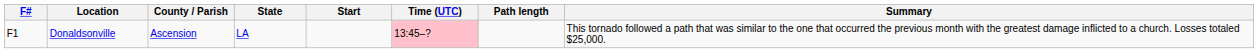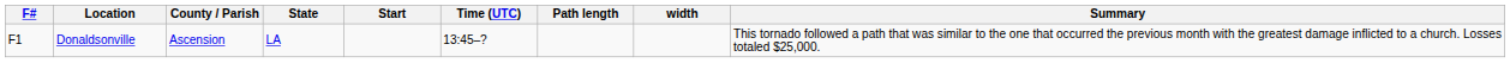 <table class="wikitable sortable" style="width:100%;">
 <tr>
 <th scope="col"  style="width:3%; text-align:center;"><a href='#'>F#</a></th>
 <th scope="col"  style="width:7%; text-align:center;" class="unsortable">Location</th>
 <th scope="col"  style="width:6%; text-align:center;" class="unsortable">County / Parish</th>
 <th scope="col"  style="width:5%; text-align:center;">State</th>
 <th scope="col"  style="width:6%; text-align:center;">Start<br></th>
 <th scope="col"  style="width:6%; text-align:center;">Time (<a href='#'>UTC</a>)</th>
 <th scope="col"  style="width:6%; text-align:center;">Path length</th>
+<th scope="col"  style="width:6%; text-align:center;"> width</th>
 <th scope="col" class="unsortable" style="width:48%; text-align:center;">Summary</th>
 </tr>
 <tr>
 <td>F1</td>
 <td><a href='#'>Donaldsonville</a></td>
 <td><a href='#'>Ascension</a></td>
 <td><a href='#'>LA</a></td>
 <td></td>
-<td style="background: pink;">13:45–?</td>
+<td>13:45–?</td>
+<td></td>
 <td></td>
 <td>This tornado followed a path that was similar to the one that occurred the previous month with the greatest damage inflicted to a church. Losses totaled $25,000.</td>
 </tr>
 </table>
